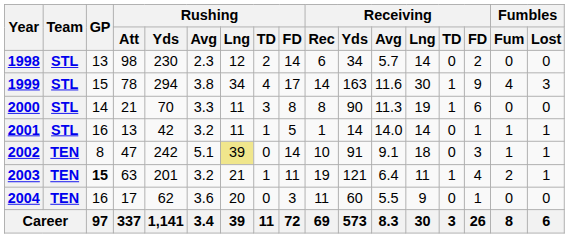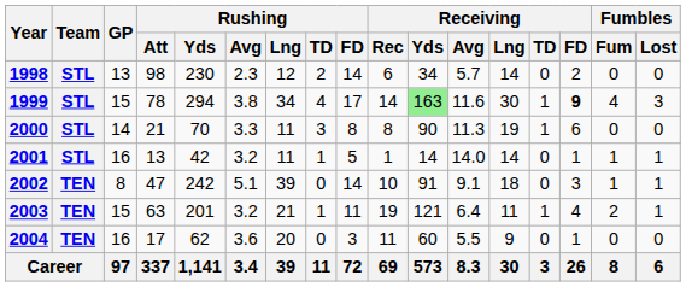 <table class="wikitable" style="text-align: center;">
 <tr>
 <th rowspan="2">Year</th>
 <th rowspan="2">Team</th>
 <th rowspan="2">GP</th>
 <th colspan="6">Rushing</th>
 <th colspan="6">Receiving</th>
 <th colspan="2">Fumbles</th>
 </tr>
 <tr>
 <th>Att</th>
 <th>Yds</th>
 <th>Avg</th>
 <th>Lng</th>
 <th>TD</th>
 <th>FD</th>
 <th>Rec</th>
 <th>Yds</th>
 <th>Avg</th>
 <th>Lng</th>
 <th>TD</th>
 <th>FD</th>
 <th>Fum</th>
 <th>Lost</th>
 </tr>
 <tr>
 <th><a href='#'>1998</a></th>
 <th><a href='#'>STL</a></th>
 <td>13</td>
 <td>98</td>
 <td>230</td>
 <td>2.3</td>
 <td>12</td>
 <td>2</td>
 <td>14</td>
 <td>6</td>
 <td>34</td>
 <td>5.7</td>
 <td>14</td>
 <td>0</td>
 <td>2</td>
 <td>0</td>
 <td>0</td>
 </tr>
 <tr>
 <th><a href='#'>1999</a></th>
 <th><a href='#'>STL</a></th>
 <td>15</td>
 <td>78</td>
 <td>294</td>
 <td>3.8</td>
 <td>34</td>
 <td>4</td>
 <td>17</td>
 <td>14</td>
-<td>163</td>
+<td style="background: lightgreen;">163</td>
 <td>11.6</td>
 <td>30</td>
 <td>1</td>
-<td>9</td>
+<td><strong>9</strong></td>
 <td>4</td>
 <td>3</td>
 </tr>
 <tr>
 <th><a href='#'>2000</a></th>
 <th><a href='#'>STL</a></th>
 <td>14</td>
 <td>21</td>
 <td>70</td>
 <td>3.3</td>
 <td>11</td>
 <td>3</td>
 <td>8</td>
 <td>8</td>
 <td>90</td>
 <td>11.3</td>
 <td>19</td>
 <td>1</td>
 <td>6</td>
 <td>0</td>
 <td>0</td>
 </tr>
 <tr>
 <th><a href='#'>2001</a></th>
 <th><a href='#'>STL</a></th>
 <td>16</td>
 <td>13</td>
 <td>42</td>
 <td>3.2</td>
 <td>11</td>
 <td>1</td>
 <td>5</td>
 <td>1</td>
 <td>14</td>
 <td>14.0</td>
 <td>14</td>
 <td>0</td>
 <td>1</td>
 <td>1</td>
 <td>1</td>
 </tr>
 <tr>
 <th><a href='#'>2002</a></th>
 <th><a href='#'>TEN</a></th>
 <td>8</td>
 <td>47</td>
 <td>242</td>
 <td>5.1</td>
-<td style="background: khaki;">39</td>
+<td>39</td>
 <td>0</td>
 <td>14</td>
 <td>10</td>
 <td>91</td>
 <td>9.1</td>
 <td>18</td>
 <td>0</td>
 <td>3</td>
 <td>1</td>
 <td>1</td>
 </tr>
 <tr>
 <th><a href='#'>2003</a></th>
 <th><a href='#'>TEN</a></th>
-<td><strong>15</strong></td>
+<td>15</td>
 <td>63</td>
 <td>201</td>
 <td>3.2</td>
 <td>21</td>
 <td>1</td>
 <td>11</td>
 <td>19</td>
 <td>121</td>
 <td>6.4</td>
 <td>11</td>
 <td>1</td>
 <td>4</td>
 <td>2</td>
 <td>1</td>
 </tr>
 <tr>
 <th><a href='#'>2004</a></th>
 <th><a href='#'>TEN</a></th>
 <td>16</td>
 <td>17</td>
 <td>62</td>
 <td>3.6</td>
 <td>20</td>
 <td>0</td>
 <td>3</td>
 <td>11</td>
 <td>60</td>
 <td>5.5</td>
 <td>9</td>
 <td>0</td>
 <td>1</td>
 <td>0</td>
 <td>0</td>
 </tr>
 <tr>
 <th colspan="2">Career</th>
 <th>97</th>
 <th>337</th>
 <th>1,141</th>
 <th>3.4</th>
 <th>39</th>
 <th>11</th>
 <th>72</th>
 <th>69</th>
 <th>573</th>
 <th>8.3</th>
 <th>30</th>
 <th>3</th>
 <th>26</th>
 <th>8</th>
 <th>6</th>
 </tr>
 </table>
